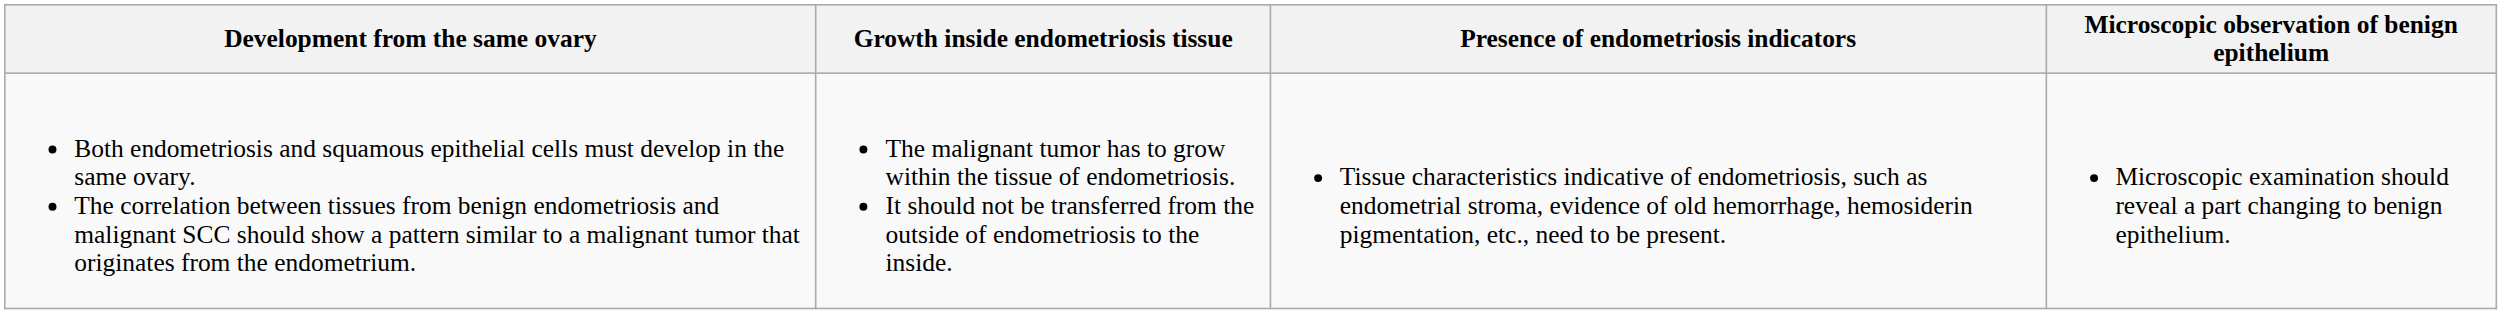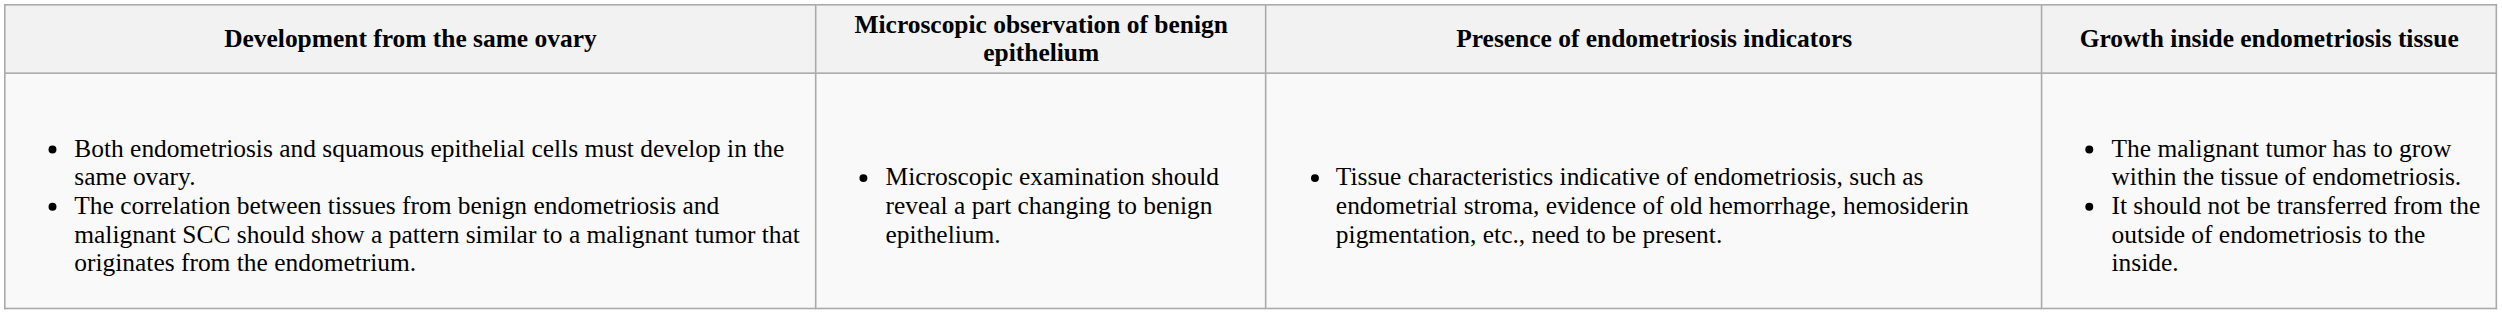 <table class="wikitable">
 <tr>
 <th>Development from the same ovary</th>
+<th>Microscopic observation of benign epithelium</th>
+<th>Presence of endometriosis indicators</th>
 <th>Growth inside endometriosis tissue</th>
-<th>Presence of endometriosis indicators</th>
-<th>Microscopic observation of benign epithelium</th>
 </tr>
 <tr>
 <td><br><ul><li>Both endometriosis and squamous epithelial cells must develop in the same ovary.</li><li>The correlation between tissues from benign endometriosis and malignant SCC should show a pattern similar to a malignant tumor that originates from the endometrium.</li></ul></td>
+<td><br><ul><li>Microscopic examination should reveal a part changing to benign epithelium.</li></ul></td>
+<td><br><ul><li>Tissue characteristics indicative of endometriosis, such as endometrial stroma, evidence of old hemorrhage, hemosiderin pigmentation, etc., need to be present.</li></ul></td>
 <td><br><ul><li>The malignant tumor has to grow within the tissue of endometriosis.</li><li>It should not be transferred from the outside of endometriosis to the inside.</li></ul></td>
-<td><br><ul><li>Tissue characteristics indicative of endometriosis, such as endometrial stroma, evidence of old hemorrhage, hemosiderin pigmentation, etc., need to be present.</li></ul></td>
-<td><br><ul><li>Microscopic examination should reveal a part changing to benign epithelium.</li></ul></td>
 </tr>
 </table>
